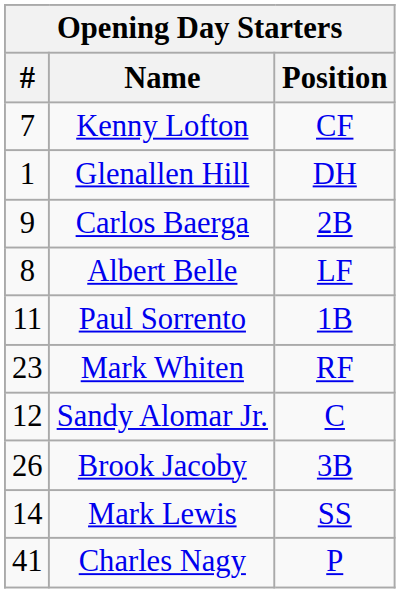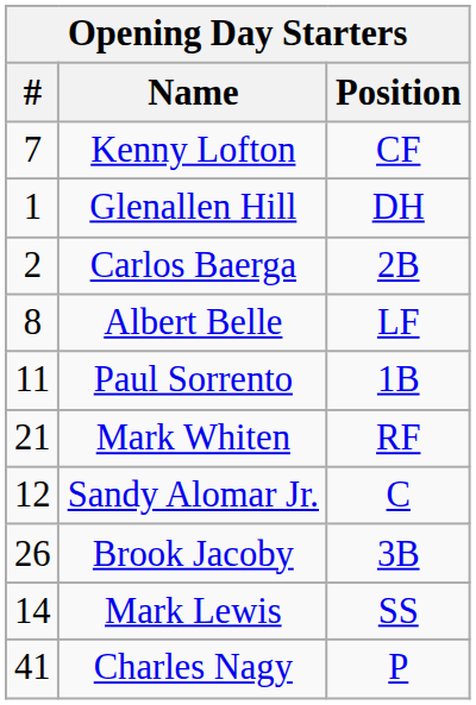 <table class="wikitable" style="text-align:center">
 <tr>
 <th colspan="3">Opening Day Starters</th>
 </tr>
 <tr>
 <th>#</th>
 <th>Name</th>
 <th>Position</th>
 </tr>
 <tr>
 <td>7</td>
 <td><a href='#'>Kenny Lofton</a></td>
 <td><a href='#'>CF</a></td>
 </tr>
 <tr>
 <td>1</td>
 <td><a href='#'>Glenallen Hill</a></td>
 <td><a href='#'>DH</a></td>
 </tr>
 <tr>
-<td>9</td>
+<td>2</td>
 <td><a href='#'>Carlos Baerga</a></td>
 <td><a href='#'>2B</a></td>
 </tr>
 <tr>
 <td>8</td>
 <td><a href='#'>Albert Belle</a></td>
 <td><a href='#'>LF</a></td>
 </tr>
 <tr>
 <td>11</td>
 <td><a href='#'>Paul Sorrento</a></td>
 <td><a href='#'>1B</a></td>
 </tr>
 <tr>
-<td>23</td>
+<td>21</td>
 <td><a href='#'>Mark Whiten</a></td>
 <td><a href='#'>RF</a></td>
 </tr>
 <tr>
 <td>12</td>
 <td><a href='#'>Sandy Alomar Jr.</a></td>
 <td><a href='#'>C</a></td>
 </tr>
 <tr>
 <td>26</td>
 <td><a href='#'>Brook Jacoby</a></td>
 <td><a href='#'>3B</a></td>
 </tr>
 <tr>
 <td>14</td>
 <td><a href='#'>Mark Lewis</a></td>
 <td><a href='#'>SS</a></td>
 </tr>
 <tr>
 <td>41</td>
 <td><a href='#'>Charles Nagy</a></td>
 <td><a href='#'>P</a></td>
 </tr>
 </table>
